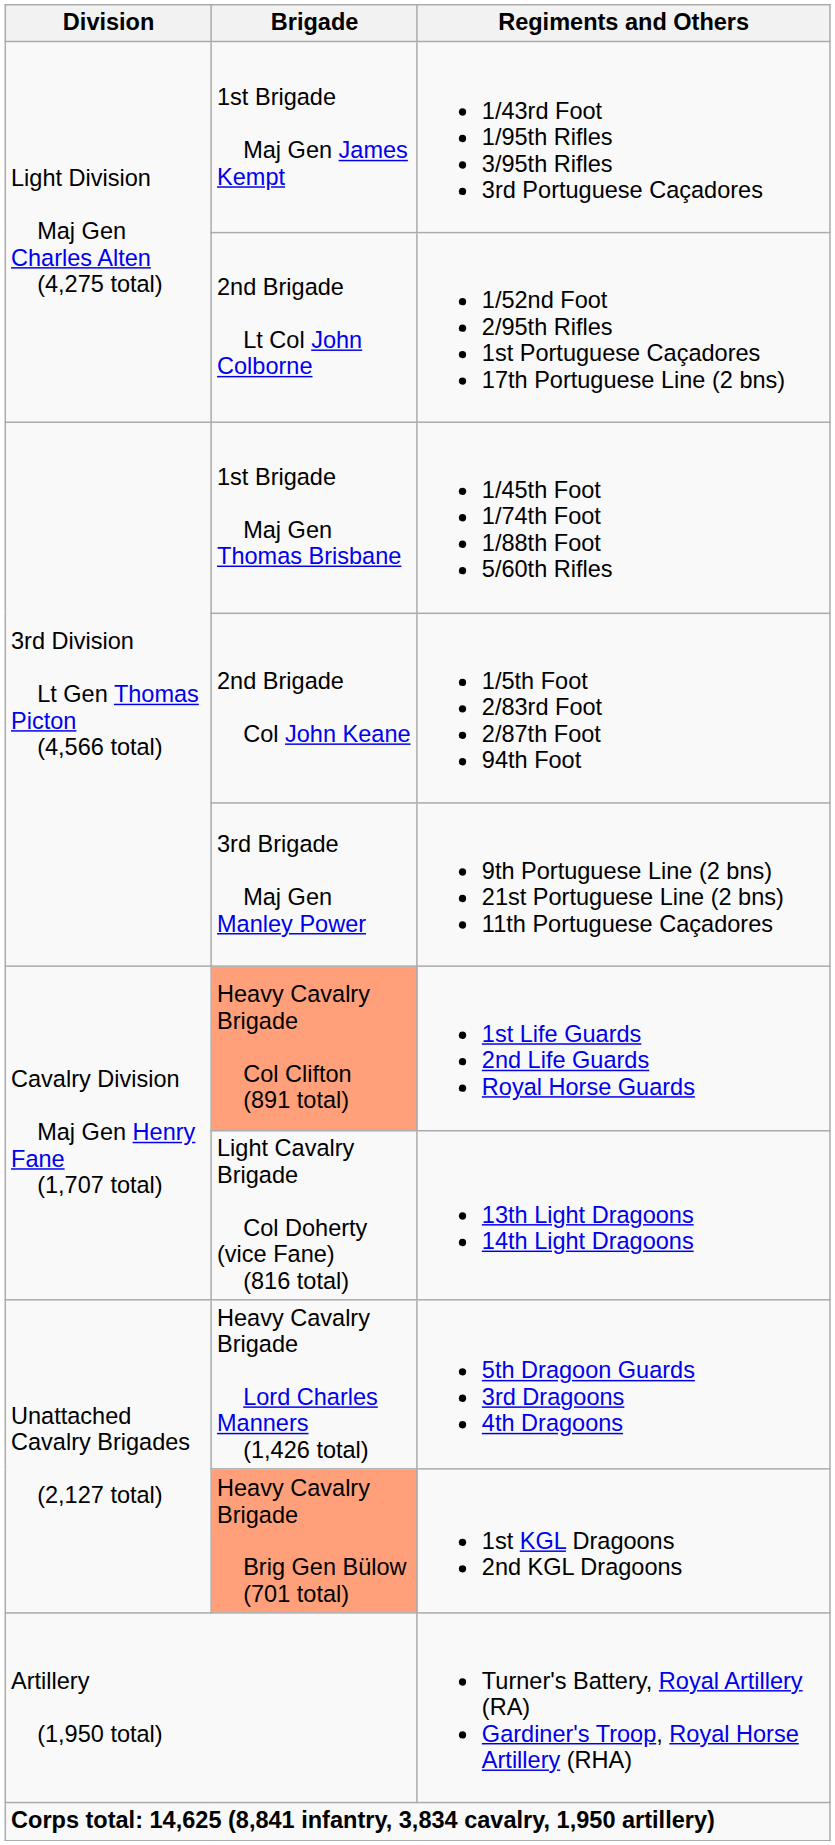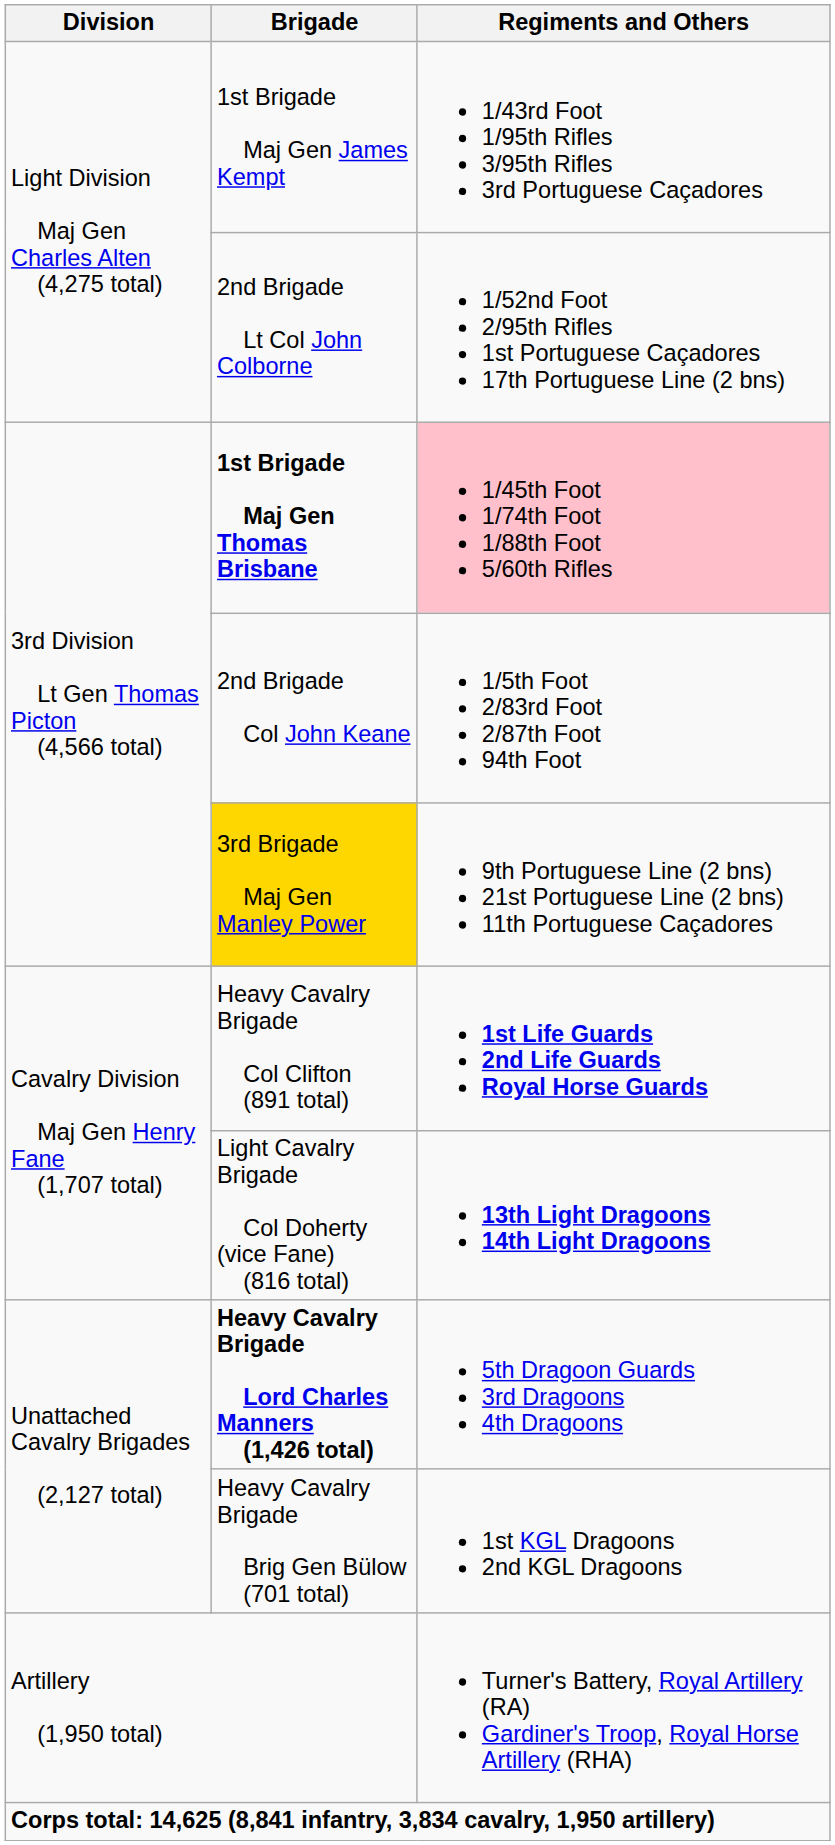 <table class="wikitable" width="90%" style="margin: 1em auto 1em auto">
 <tr>
 <th style="width:25%;">Division</th>
 <th style="width:25%;">Brigade</th>
 <th>Regiments and Others</th>
 </tr>
 <tr>
 <td rowspan=2>Light Division<br><br>    Maj Gen <a href='#'>Charles Alten</a> <br>    (4,275 total)</td>
 <td>1st Brigade<br><br>    Maj Gen <a href='#'>James Kempt</a></td>
 <td><br><ul><li>1/43rd Foot</li><li>1/95th Rifles</li><li>3/95th Rifles</li><li>3rd Portuguese Caçadores</li></ul></td>
 </tr>
 <tr>
 <td>2nd Brigade<br><br>    Lt Col <a href='#'>John Colborne</a></td>
 <td><br><ul><li>1/52nd Foot</li><li>2/95th Rifles</li><li>1st Portuguese Caçadores</li><li>17th Portuguese Line (2 bns)</li></ul></td>
 </tr>
 <tr>
 <td rowspan=3>3rd Division<br><br>    Lt Gen <a href='#'>Thomas Picton</a> <br>    (4,566 total)</td>
-<td>1st Brigade<br><br>    Maj Gen <a href='#'>Thomas Brisbane</a></td>
-<td><br><ul><li>1/45th Foot</li><li>1/74th Foot</li><li>1/88th Foot</li><li>5/60th Rifles</li></ul></td>
+<td><strong>1st Brigade<br><br>    Maj Gen <a href='#'>Thomas Brisbane</a></strong></td>
+<td style="background: pink;"><br><ul><li>1/45th Foot</li><li>1/74th Foot</li><li>1/88th Foot</li><li>5/60th Rifles</li></ul></td>
 </tr>
 <tr>
 <td>2nd Brigade<br><br>    Col <a href='#'>John Keane</a></td>
 <td><br><ul><li>1/5th Foot</li><li>2/83rd Foot</li><li>2/87th Foot</li><li>94th Foot</li></ul></td>
 </tr>
 <tr>
-<td>3rd Brigade<br><br>    Maj Gen <a href='#'>Manley Power</a></td>
+<td style="background: gold;">3rd Brigade<br><br>    Maj Gen <a href='#'>Manley Power</a></td>
 <td><br><ul><li>9th Portuguese Line (2 bns)</li><li>21st Portuguese Line (2 bns)</li><li>11th Portuguese Caçadores</li></ul></td>
 </tr>
 <tr>
 <td rowspan=2>Cavalry Division<br><br>    Maj Gen <a href='#'>Henry Fane</a> <br>    (1,707 total)</td>
-<td style="background: lightsalmon;">Heavy Cavalry Brigade<br><br>    Col Clifton <br>    (891 total)</td>
-<td><br><ul><li><a href='#'>1st Life Guards</a></li><li><a href='#'>2nd Life Guards</a></li><li><a href='#'>Royal Horse Guards</a></li></ul></td>
+<td>Heavy Cavalry Brigade<br><br>    Col Clifton <br>    (891 total)</td>
+<td><strong><br><ul><li><a href='#'>1st Life Guards</a></li><li><a href='#'>2nd Life Guards</a></li><li><a href='#'>Royal Horse Guards</a></li></ul></strong></td>
 </tr>
 <tr>
 <td>Light Cavalry Brigade<br><br>    Col Doherty (vice Fane) <br>    (816 total)</td>
-<td><br><ul><li><a href='#'>13th Light Dragoons</a></li><li><a href='#'>14th Light Dragoons</a></li></ul></td>
+<td><strong><br><ul><li><a href='#'>13th Light Dragoons</a></li><li><a href='#'>14th Light Dragoons</a></li></ul></strong></td>
 </tr>
 <tr>
 <td rowspan=2>Unattached Cavalry Brigades<br><br>    (2,127 total)</td>
-<td>Heavy Cavalry Brigade<br><br>    <a href='#'>Lord Charles Manners</a> <br>    (1,426 total)</td>
+<td><strong>Heavy Cavalry Brigade<br><br>    <a href='#'>Lord Charles Manners</a> <br>    (1,426 total)</strong></td>
 <td><br><ul><li><a href='#'>5th Dragoon Guards</a></li><li><a href='#'>3rd Dragoons</a></li><li><a href='#'>4th Dragoons</a></li></ul></td>
 </tr>
 <tr>
-<td style="background: lightsalmon;">Heavy Cavalry Brigade<br><br>    Brig Gen Bülow <br>    (701 total)</td>
+<td>Heavy Cavalry Brigade<br><br>    Brig Gen Bülow <br>    (701 total)</td>
 <td><br><ul><li>1st <a href='#'>KGL</a> Dragoons</li><li>2nd KGL Dragoons</li></ul></td>
 </tr>
 <tr>
 <td colspan=2>Artillery<br><br>    (1,950 total)</td>
 <td><br><ul><li>Turner's Battery, <a href='#'>Royal Artillery</a> (RA)</li><li><a href='#'>Gardiner's Troop</a>, <a href='#'>Royal Horse Artillery</a> (RHA)</li></ul></td>
 </tr>
 <tr>
 <td colspan=3><strong>Corps total: 14,625 (8,841 infantry, 3,834 cavalry, 1,950 artillery)</strong></td>
 </tr>
 </table>
